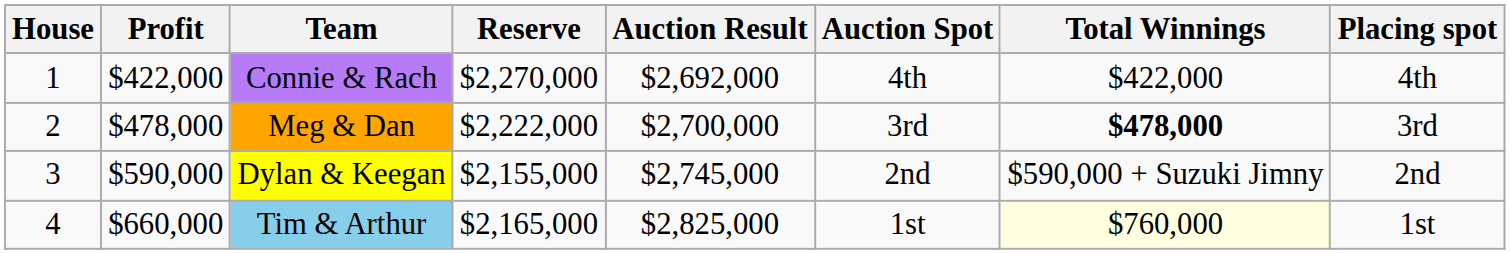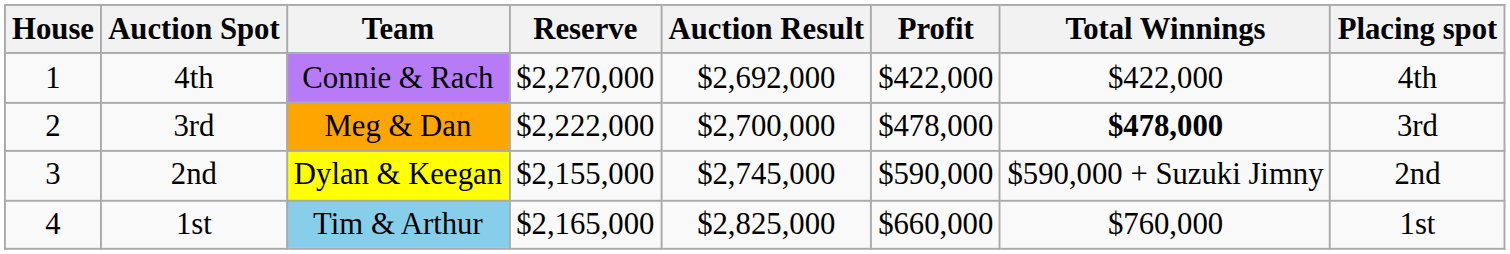 <table class="wikitable" style="text-align: center" |>
 <tr>
 <th>House</th>
-<th>Profit</th>
+<th>Auction Spot</th>
 <th>Team</th>
 <th>Reserve</th>
 <th>Auction Result</th>
-<th>Auction Spot</th>
+<th>Profit</th>
 <th>Total Winnings</th>
 <th>Placing spot</th>
 </tr>
 <tr>
 <td>1</td>
-<td>$422,000</td>
+<td>4th</td>
 <td style="background-color: #B87BF6;">Connie & Rach</td>
 <td>$2,270,000</td>
 <td>$2,692,000</td>
-<td>4th</td>
+<td>$422,000</td>
 <td>$422,000</td>
 <td>4th</td>
 </tr>
 <tr>
 <td>2</td>
-<td>$478,000</td>
+<td>3rd</td>
 <td style="background-color: orange;">Meg & Dan</td>
 <td>$2,222,000</td>
 <td>$2,700,000</td>
-<td>3rd</td>
+<td>$478,000</td>
 <td><strong>$478,000</strong></td>
 <td>3rd</td>
 </tr>
 <tr>
 <td>3</td>
-<td>$590,000</td>
+<td>2nd</td>
 <td style="background-color: yellow;">Dylan & Keegan</td>
 <td>$2,155,000</td>
 <td>$2,745,000</td>
-<td>2nd</td>
+<td>$590,000</td>
 <td>$590,000 + Suzuki Jimny</td>
 <td>2nd</td>
 </tr>
 <tr>
 <td>4</td>
-<td>$660,000</td>
+<td>1st</td>
 <td style="background-color: skyblue;">Tim & Arthur</td>
 <td>$2,165,000</td>
 <td>$2,825,000</td>
-<td>1st</td>
-<td style="background: lightyellow;">$760,000</td>
+<td>$660,000</td>
+<td>$760,000</td>
 <td>1st</td>
 </tr>
 </table>
